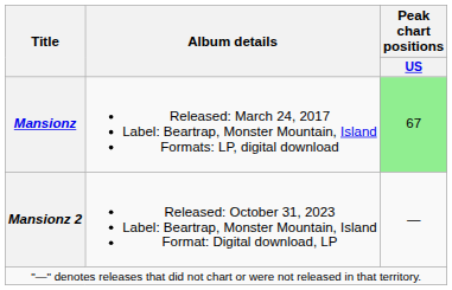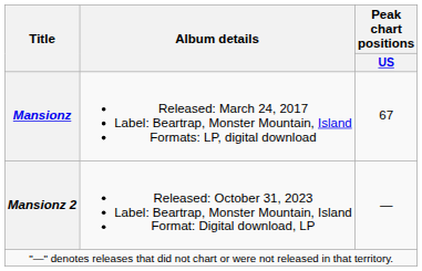 <table class="wikitable plainrowheaders" style="text-align:center;">
 <tr>
 <th scope="col" rowspan="2">Title</th>
 <th scope="col" rowspan="2">Album details</th>
 <th scope="col">Peak chart positions</th>
 </tr>
 <tr>
 <th scope="col" style="width:3em;font-size:90%;"><a href='#'>US</a><br></th>
 </tr>
 <tr>
 <th scope="row"><em><a href='#'>Mansionz</a></em></th>
 <td><br><ul><li>Released: March 24, 2017</li><li>Label: Beartrap, Monster Mountain, <a href='#'>Island</a></li><li>Formats: LP, digital download</li></ul></td>
-<td style="background: lightgreen;">67</td>
+<td>67</td>
 </tr>
 <tr>
 <th scope="row"><em>Mansionz 2</em></th>
 <td><br><ul><li>Released: October 31, 2023</li><li>Label: Beartrap, Monster Mountain, Island</li><li>Format: Digital download, LP</li></ul></td>
 <td>—</td>
 </tr>
 <tr>
 <td colspan="15" style="font-size:85%">"—" denotes releases that did not chart or were not released in that territory.</td>
 </tr>
 </table>
